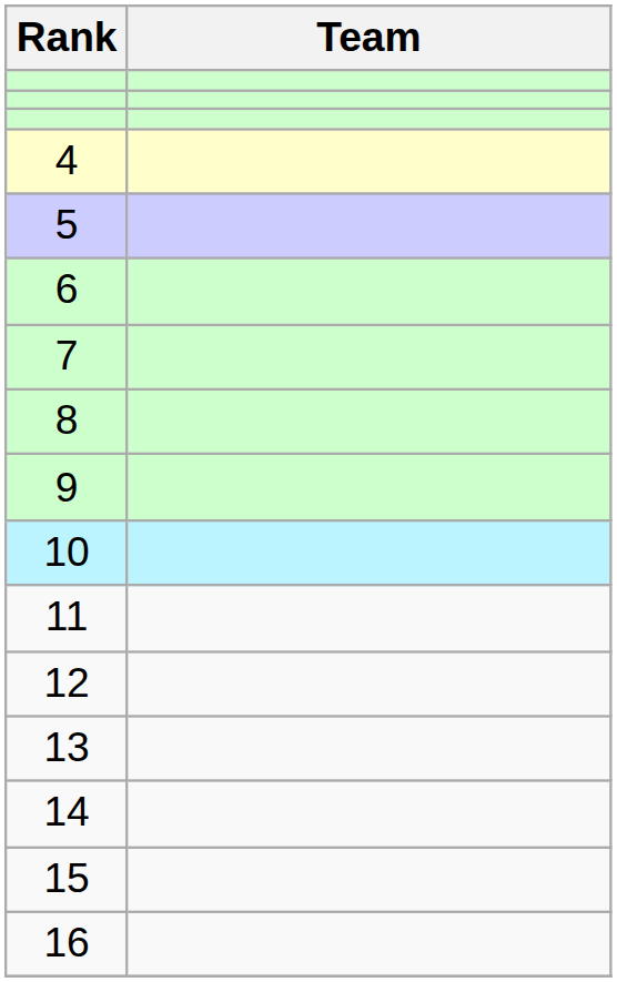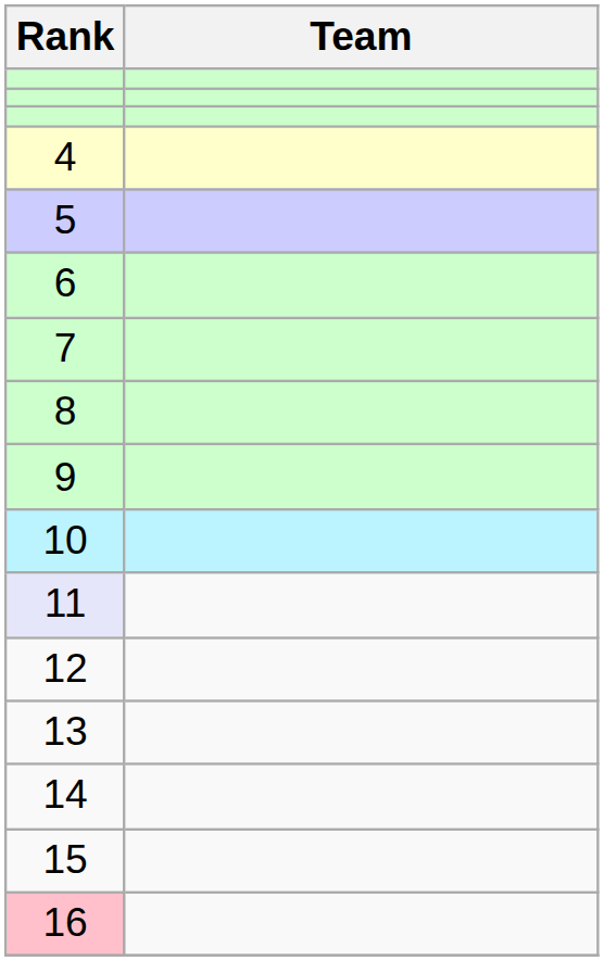 <table class="wikitable">
 <tr>
 <th style="width: 40px;">Rank</th>
 <th style="width: 180px;">Team</th>
 </tr>
 <tr bgcolor=#ccffcc>
 <td align=center></td>
 <td></td>
 </tr>
 <tr bgcolor=#ccffcc>
 <td align=center></td>
 <td></td>
 </tr>
 <tr bgcolor=#ccffcc>
 <td align=center></td>
 <td></td>
 </tr>
 <tr bgcolor=#ffffcc>
 <td align=center>4</td>
 <td></td>
 </tr>
 <tr style="background:#CCCCFF;">
 <td align=center>5</td>
 <td></td>
 </tr>
 <tr bgcolor=#ccffcc>
 <td align=center>6</td>
 <td></td>
 </tr>
 <tr bgcolor=#ccffcc>
 <td align=center>7</td>
 <td></td>
 </tr>
 <tr bgcolor=#ccffcc>
 <td align=center>8</td>
 <td></td>
 </tr>
 <tr bgcolor=#ccffcc>
 <td align=center>9</td>
 <td></td>
 </tr>
 <tr bgcolor=#BBF3FF>
 <td align=center>10</td>
 <td></td>
 </tr>
 <tr>
-<td align=center>11</td>
+<td align=center style="background: lavender;">11</td>
 <td></td>
 </tr>
 <tr>
 <td align=center>12</td>
 <td></td>
 </tr>
 <tr>
 <td align=center>13</td>
 <td></td>
 </tr>
 <tr>
 <td align=center>14</td>
 <td></td>
 </tr>
 <tr>
 <td align=center>15</td>
 <td></td>
 </tr>
 <tr>
-<td align=center>16</td>
+<td align=center style="background: pink;">16</td>
 <td></td>
 </tr>
 <tr>
 </tr>
 </table>
